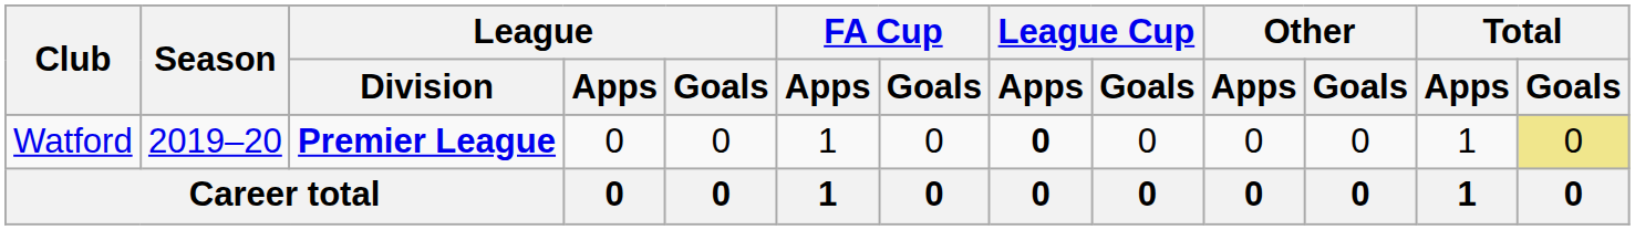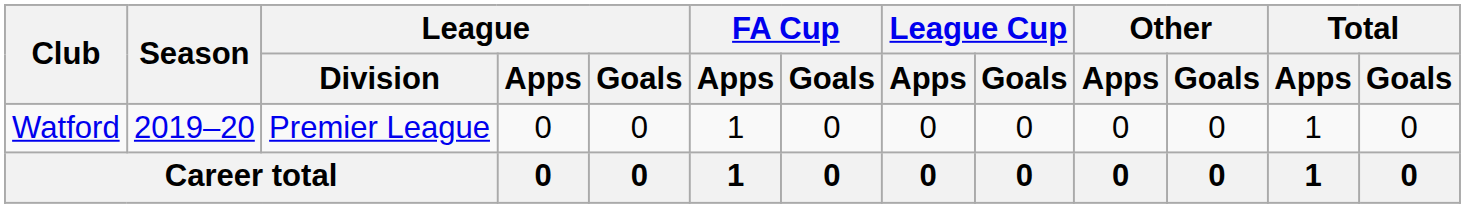 <table class="wikitable" style="text-align: center">
 <tr>
 <th rowspan="2">Club</th>
 <th rowspan="2">Season</th>
 <th colspan="3">League</th>
 <th colspan="2"><a href='#'>FA Cup</a></th>
 <th colspan="2"><a href='#'>League Cup</a></th>
 <th colspan="2">Other</th>
 <th colspan="2">Total</th>
 </tr>
 <tr>
 <th>Division</th>
 <th>Apps</th>
 <th>Goals</th>
 <th>Apps</th>
 <th>Goals</th>
 <th>Apps</th>
 <th>Goals</th>
 <th>Apps</th>
 <th>Goals</th>
 <th>Apps</th>
 <th>Goals</th>
 </tr>
 <tr>
 <td><a href='#'>Watford</a></td>
 <td><a href='#'>2019–20</a></td>
-<td><strong><a href='#'>Premier League</a></strong></td>
+<td><a href='#'>Premier League</a></td>
 <td>0</td>
 <td>0</td>
 <td>1</td>
 <td>0</td>
-<td><strong>0</strong></td>
+<td>0</td>
 <td>0</td>
 <td>0</td>
 <td>0</td>
 <td>1</td>
-<td style="background: khaki;">0</td>
+<td>0</td>
 </tr>
 <tr>
 <th colspan="3">Career total</th>
 <th>0</th>
 <th>0</th>
 <th>1</th>
 <th>0</th>
 <th>0</th>
 <th>0</th>
 <th>0</th>
 <th>0</th>
 <th>1</th>
 <th>0</th>
 </tr>
 </table>
